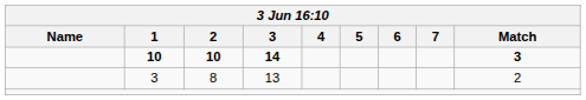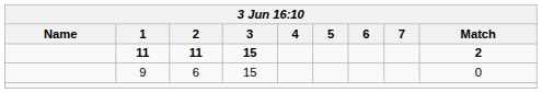 <table class=wikitable style="text-align:center; width: 55%">
 <tr>
 <th colspan=17><em> 3 Jun 16:10</em></th>
 </tr>
 <tr>
 <th>Name</th>
 <th>1</th>
 <th>2</th>
 <th>3</th>
 <th>4</th>
 <th>5</th>
 <th>6</th>
 <th>7</th>
 <th>Match</th>
 </tr>
 <tr>
 <td style="text-align:left;"><strong></strong></td>
-<td><strong>10</strong></td>
-<td><strong>10</strong></td>
-<td><strong>14</strong></td>
+<td><strong>11</strong></td>
+<td><strong>11</strong></td>
+<td><strong>15</strong></td>
 <td></td>
 <td></td>
 <td></td>
 <td></td>
-<td><strong>3</strong></td>
+<td><strong>2</strong></td>
 </tr>
 <tr>
 <td style="text-align:left;"></td>
-<td>3</td>
-<td>8</td>
-<td>13</td>
+<td>9</td>
+<td>6</td>
+<td>15</td>
 <td></td>
 <td></td>
 <td></td>
 <td></td>
-<td>2</td>
+<td>0</td>
 </tr>
 <tr>
 <td colspan=17></td>
 </tr>
 </table>
